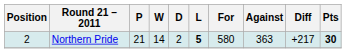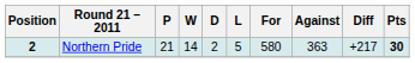 <table class="wikitable" style="text-align:center; font-size:85%;">
 <tr>
 <th width=40 abbr="Position">Position</th>
 <th width=100>Round 21 – 2011</th>
 <th width=20 abbr="Played">P</th>
 <th width=20 abbr="Won">W</th>
 <th width=20 abbr="Drawn">D</th>
 <th width=20 abbr="Lost">L</th>
 <th width=40 abbr="Points for">For</th>
 <th width=40 abbr="Points against">Against</th>
 <th width=40 abbr="Points difference">Diff</th>
 <th width=20 abbr="Points">Pts</th>
 </tr>
 <tr style="background: #d7ebed;">
-<td>2</td>
+<td><strong>2</strong></td>
 <td style="text-align:left;"> <a href='#'>Northern Pride</a></td>
 <td>21</td>
 <td>14</td>
 <td>2</td>
-<td><strong>5</strong></td>
+<td>5</td>
 <td>580</td>
 <td>363</td>
 <td>+217</td>
 <td><strong>30</strong></td>
 </tr>
 <tr>
 </tr>
 </table>
